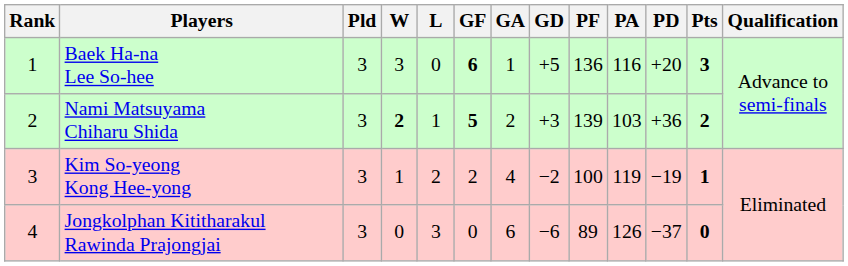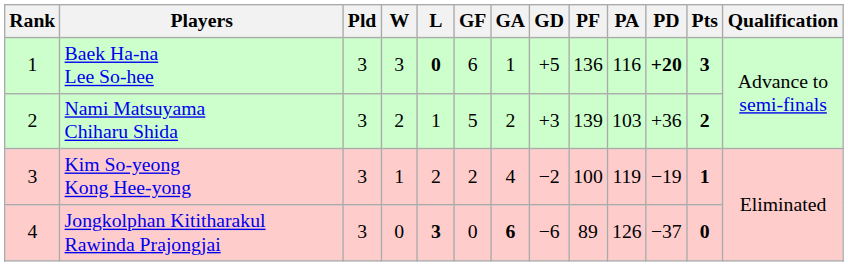 <table class="wikitable" style="font-size:90%; text-align:center">
 <tr>
 <th width="20">Rank</th>
 <th width="200">Players</th>
 <th width="20">Pld</th>
 <th width="20">W</th>
 <th width="20">L</th>
 <th width="20">GF</th>
 <th width="20">GA</th>
 <th width="20">GD</th>
 <th width="20">PF</th>
 <th width="20">PA</th>
 <th width="20">PD</th>
 <th width="20">Pts</th>
 <th width="20">Qualification</th>
 </tr>
 <tr bgcolor="#ccffcc">
 <td>1</td>
 <td align="left"> <a href='#'>Baek Ha-na</a><br> <a href='#'>Lee So-hee</a></td>
 <td>3</td>
 <td>3</td>
-<td>0</td>
-<td><strong>6</strong></td>
+<td><strong>0</strong></td>
+<td>6</td>
 <td>1</td>
 <td>+5</td>
 <td>136</td>
 <td>116</td>
-<td>+20</td>
+<td><strong>+20</strong></td>
 <td><strong>3</strong></td>
 <td rowspan="2">Advance to <a href='#'>semi-finals</a></td>
 </tr>
 <tr bgcolor="#ccffcc">
 <td>2</td>
 <td align="left"> <a href='#'>Nami Matsuyama</a><br> <a href='#'>Chiharu Shida</a></td>
 <td>3</td>
-<td><strong>2</strong></td>
+<td>2</td>
 <td>1</td>
-<td><strong>5</strong></td>
+<td>5</td>
 <td>2</td>
 <td>+3</td>
 <td>139</td>
 <td>103</td>
 <td>+36</td>
 <td><strong>2</strong></td>
 </tr>
 <tr bgcolor="#ffcccc">
 <td>3</td>
 <td align="left"> <a href='#'>Kim So-yeong</a><br> <a href='#'>Kong Hee-yong</a></td>
 <td>3</td>
 <td>1</td>
 <td>2</td>
 <td>2</td>
 <td>4</td>
 <td>−2</td>
 <td>100</td>
 <td>119</td>
 <td>−19</td>
 <td><strong>1</strong></td>
 <td rowspan="2">Eliminated</td>
 </tr>
 <tr bgcolor="#ffcccc">
 <td>4</td>
 <td align="left"> <a href='#'>Jongkolphan Kititharakul</a><br> <a href='#'>Rawinda Prajongjai</a></td>
 <td>3</td>
 <td>0</td>
-<td>3</td>
+<td><strong>3</strong></td>
 <td>0</td>
-<td>6</td>
+<td><strong>6</strong></td>
 <td>−6</td>
 <td>89</td>
 <td>126</td>
 <td>−37</td>
 <td><strong>0</strong></td>
 </tr>
 </table>
